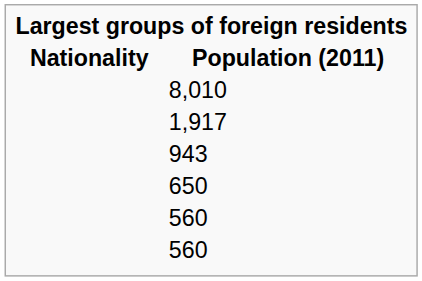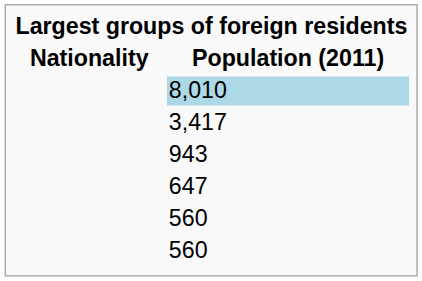 <table class="infobox" style="float:right;">
 <tr>
 <td colspan="2"><strong>Largest groups of foreign residents</strong></td>
 </tr>
 <tr \>
 <th>Nationality</th>
 <th>Population (2011)</th>
 </tr>
 <tr>
 <td></td>
-<td>8,010</td>
+<td style="background: lightblue;">8,010</td>
 </tr>
 <tr>
 <td></td>
-<td>1,917</td>
+<td>3,417</td>
 </tr>
 <tr>
 <td></td>
 <td>943</td>
 </tr>
 <tr>
 <td></td>
-<td>650</td>
+<td>647</td>
 </tr>
 <tr>
 <td></td>
 <td>560</td>
 </tr>
 <tr>
 <td></td>
 <td>560</td>
 </tr>
 <tr>
 </tr>
 </table>
